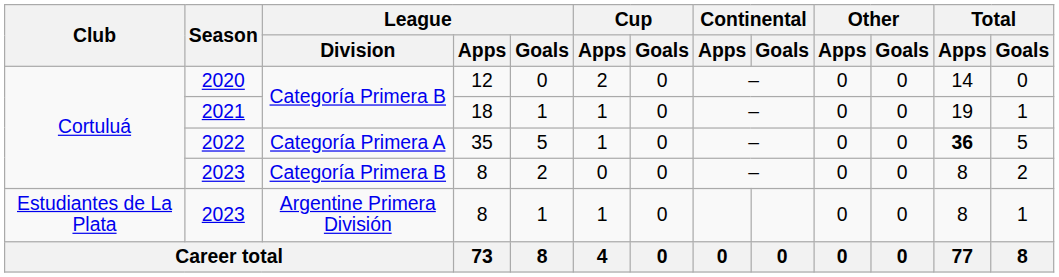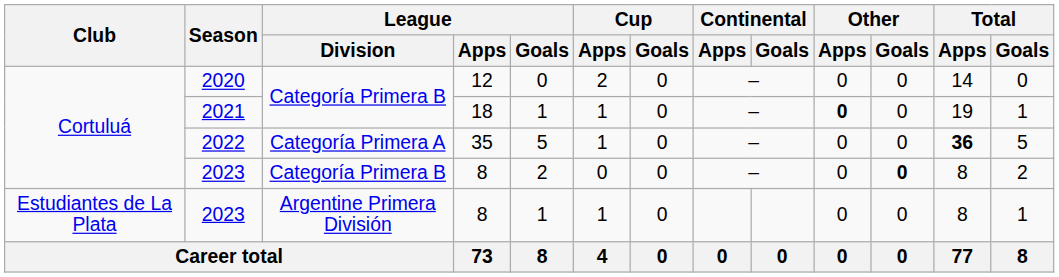 <table class=wikitable style=text-align:center>
 <tr>
 <th rowspan="2">Club</th>
 <th rowspan="2">Season</th>
 <th colspan="3">League</th>
 <th colspan="2">Cup</th>
 <th colspan="2">Continental</th>
 <th colspan="2">Other</th>
 <th colspan="2">Total</th>
 </tr>
 <tr>
 <th>Division</th>
 <th>Apps</th>
 <th>Goals</th>
 <th>Apps</th>
 <th>Goals</th>
 <th>Apps</th>
 <th>Goals</th>
 <th>Apps</th>
 <th>Goals</th>
 <th>Apps</th>
 <th>Goals</th>
 </tr>
 <tr>
 <td rowspan="4"><a href='#'>Cortuluá</a></td>
 <td><a href='#'>2020</a></td>
 <td rowspan="2"><a href='#'>Categoría Primera B</a></td>
 <td>12</td>
 <td>0</td>
 <td>2</td>
 <td>0</td>
 <td colspan="2">–</td>
 <td>0</td>
 <td>0</td>
 <td>14</td>
 <td>0</td>
 </tr>
 <tr>
 <td><a href='#'>2021</a></td>
 <td>18</td>
 <td>1</td>
 <td>1</td>
 <td>0</td>
 <td colspan="2">–</td>
-<td>0</td>
+<td><strong>0</strong></td>
 <td>0</td>
 <td>19</td>
 <td>1</td>
 </tr>
 <tr>
 <td><a href='#'>2022</a></td>
 <td><a href='#'>Categoría Primera A</a></td>
 <td>35</td>
 <td>5</td>
 <td>1</td>
 <td>0</td>
 <td colspan="2">–</td>
 <td>0</td>
 <td>0</td>
 <td><strong>36</strong></td>
 <td>5</td>
 </tr>
 <tr>
 <td><a href='#'>2023</a></td>
 <td><a href='#'>Categoría Primera B</a></td>
 <td>8</td>
 <td>2</td>
 <td>0</td>
 <td>0</td>
 <td colspan="2">–</td>
 <td>0</td>
-<td>0</td>
+<td><strong>0</strong></td>
 <td>8</td>
 <td>2</td>
 </tr>
 <tr>
 <td><a href='#'>Estudiantes de La Plata</a></td>
 <td><a href='#'>2023</a></td>
 <td><a href='#'>Argentine Primera División</a></td>
 <td>8</td>
 <td>1</td>
 <td>1</td>
 <td>0</td>
 <td></td>
 <td></td>
 <td>0</td>
 <td>0</td>
 <td>8</td>
 <td>1</td>
 </tr>
 <tr>
 <th colspan="3"><strong>Career total</strong></th>
 <th>73</th>
 <th>8</th>
 <th>4</th>
 <th>0</th>
 <th>0</th>
 <th>0</th>
 <th>0</th>
 <th>0</th>
 <th>77</th>
 <th>8</th>
 </tr>
 </table>
